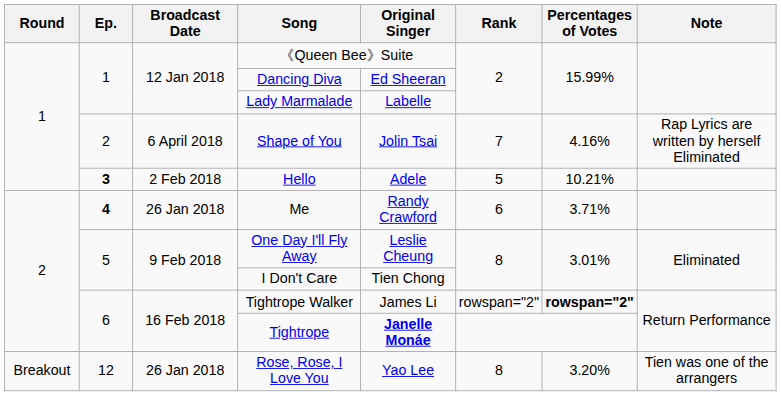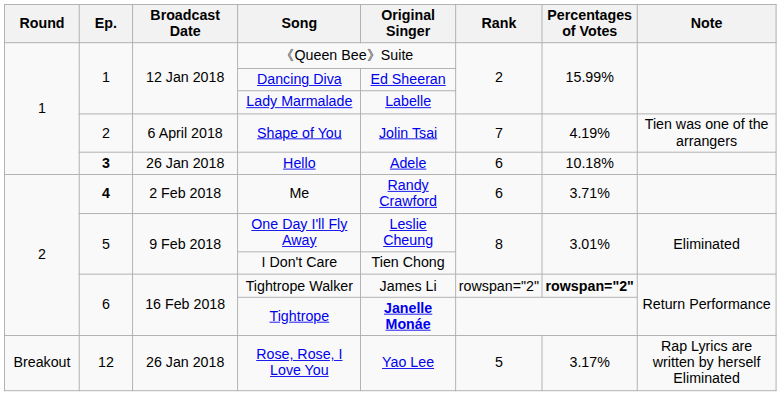 <table class="wikitable";>
 <tr>
 <th width="100">Round</th>
 <th width="100">Ep.</th>
 <th width="170">Broadcast Date</th>
 <th width="220">Song</th>
 <th width="160">Original Singer</th>
 <th width="80">Rank</th>
 <th width="60">Percentages of Votes</th>
 <th width="250">Note</th>
 </tr>
 <tr style="text-align: center;">
 <td rowspan="5">1</td>
 <td rowspan="3">1</td>
 <td rowspan="3">12 Jan 2018</td>
 <td colspan="2">《Queen Bee》Suite</td>
 <td rowspan="3">2</td>
 <td rowspan="3">15.99%</td>
 <td rowspan="3"></td>
 </tr>
 <tr style="text-align: center;">
 <td><a href='#'>Dancing Diva</a></td>
 <td><a href='#'>Ed Sheeran</a></td>
 </tr>
 <tr style="text-align: center;">
 <td><a href='#'>Lady Marmalade</a></td>
 <td><a href='#'>Labelle</a></td>
 </tr>
 <tr style="text-align: center;">
 <td>2</td>
 <td>6 April 2018</td>
 <td><a href='#'>Shape of You</a></td>
 <td><a href='#'>Jolin Tsai</a></td>
 <td>7</td>
-<td>4.16%</td>
-<td>Rap Lyrics are written by herself<br>Eliminated</td>
+<td>4.19%</td>
+<td>Tien was one of the arrangers</td>
 </tr>
 <tr style="text-align: center;">
 <td><strong>3</strong></td>
-<td>2 Feb 2018</td>
+<td>26 Jan 2018</td>
 <td><a href='#'>Hello</a></td>
 <td><a href='#'>Adele</a></td>
-<td>5</td>
-<td>10.21%</td>
+<td>6</td>
+<td>10.18%</td>
 <td></td>
 </tr>
 <tr style="text-align: center;">
 <td rowspan="5">2</td>
 <td><strong>4</strong></td>
-<td>26 Jan 2018</td>
+<td>2 Feb 2018</td>
 <td>Me</td>
 <td><a href='#'>Randy Crawford</a></td>
 <td>6</td>
 <td>3.71%</td>
 <td></td>
 </tr>
 <tr style="text-align: center;">
 <td rowspan="2">5</td>
 <td rowspan="2">9 Feb 2018</td>
 <td><a href='#'>One Day I'll Fly Away</a></td>
 <td><a href='#'>Leslie Cheung</a></td>
 <td rowspan="2">8</td>
 <td rowspan="2">3.01%</td>
 <td rowspan="2">Eliminated</td>
 </tr>
 <tr style="text-align: center;">
 <td>I Don't Care</td>
 <td>Tien Chong</td>
 </tr>
 <tr style="text-align: center;">
 <td rowspan="2">6</td>
 <td rowspan="2">16 Feb 2018</td>
 <td>Tightrope Walker</td>
 <td>James Li</td>
 <td>rowspan="2"  </td>
 <td><strong>rowspan="2"  </strong></td>
 <td rowspan="2">Return Performance</td>
 </tr>
 <tr style="text-align: center;">
 <td><a href='#'>Tightrope</a></td>
 <td><strong><a href='#'>Janelle Monáe</a></strong></td>
 </tr>
 <tr style="text-align: center;">
 <td>Breakout</td>
 <td>12</td>
 <td>26 Jan 2018</td>
 <td><a href='#'>Rose, Rose, I Love You</a></td>
 <td><a href='#'>Yao Lee</a></td>
-<td>8</td>
-<td>3.20%</td>
-<td>Tien was one of the arrangers</td>
+<td>5</td>
+<td>3.17%</td>
+<td>Rap Lyrics are written by herself<br>Eliminated</td>
 </tr>
 </table>
